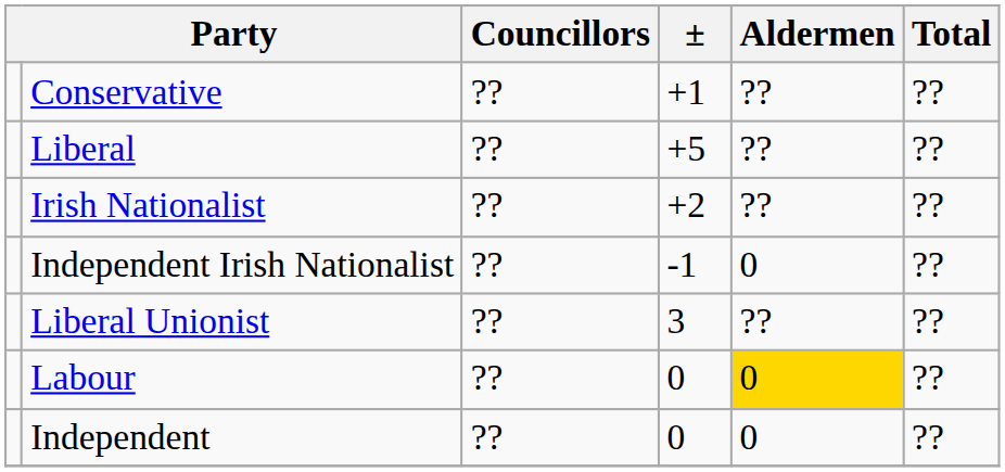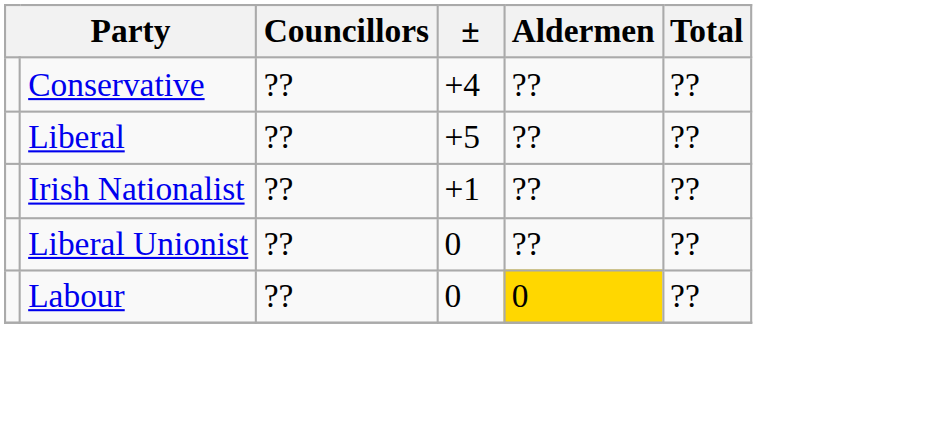 <table class="wikitable">
 <tr>
 <th colspan="2">Party</th>
 <th>Councillors</th>
 <th>  ±  </th>
 <th>Aldermen</th>
 <th>Total</th>
 </tr>
 <tr>
 <td style="background-color: "></td>
 <td><a href='#'>Conservative</a></td>
 <td>??</td>
-<td>+1</td>
+<td>+4</td>
 <td>??</td>
 <td>??</td>
 </tr>
 <tr>
 <td style="background-color: "></td>
 <td><a href='#'>Liberal</a></td>
 <td>??</td>
 <td>+5</td>
 <td>??</td>
 <td>??</td>
 </tr>
 <tr>
 <td style="background-color: "></td>
 <td><a href='#'>Irish Nationalist</a></td>
 <td>??</td>
-<td>+2</td>
+<td>+1</td>
 <td>??</td>
-<td>??</td>
-</tr>
-<tr>
-<td style="background-color: "></td>
-<td>Independent Irish Nationalist</td>
-<td>??</td>
-<td>-1</td>
-<td>0</td>
 <td>??</td>
 </tr>
 <tr>
 <td style="background-color: "></td>
 <td><a href='#'>Liberal Unionist</a></td>
 <td>??</td>
-<td>3</td>
+<td>0</td>
 <td>??</td>
 <td>??</td>
 </tr>
 <tr>
 <td style="background-color: "></td>
 <td><a href='#'>Labour</a></td>
 <td>??</td>
 <td>0</td>
 <td style="background: gold;">0</td>
 <td>??</td>
 </tr>
 <tr>
-<td style="background-color: "></td>
-<td>Independent</td>
-<td>??</td>
-<td>0</td>
-<td>0</td>
-<td>??</td>
-</tr>
-<tr>
 </tr>
 </table>
